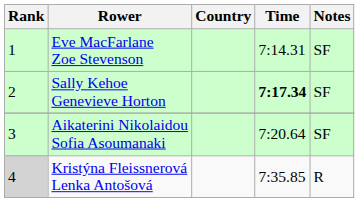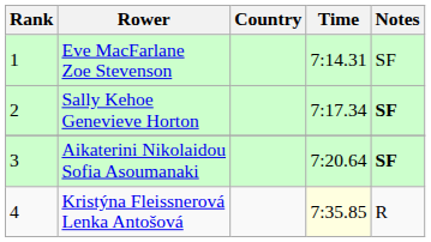 <table class="wikitable">
 <tr>
 <th>Rank</th>
 <th>Rower</th>
 <th>Country</th>
 <th>Time</th>
 <th>Notes</th>
 </tr>
 <tr bgcolor=ccffcc>
 <td>1</td>
 <td><a href='#'>Eve MacFarlane</a><br><a href='#'>Zoe Stevenson</a></td>
 <td></td>
 <td>7:14.31</td>
 <td>SF</td>
 </tr>
 <tr bgcolor=ccffcc>
 <td>2</td>
 <td><a href='#'>Sally Kehoe</a><br><a href='#'>Genevieve Horton</a></td>
 <td></td>
-<td><strong>7:17.34</strong></td>
-<td>SF</td>
+<td>7:17.34</td>
+<td><strong>SF</strong></td>
 </tr>
 <tr>
 </tr>
 <tr bgcolor=ccffcc>
 <td>3</td>
 <td><a href='#'>Aikaterini Nikolaidou</a><br><a href='#'>Sofia Asoumanaki</a></td>
 <td></td>
 <td>7:20.64</td>
-<td>SF</td>
+<td><strong>SF</strong></td>
 </tr>
 <tr>
-<td style="background: lightgrey;">4</td>
+<td>4</td>
 <td><a href='#'>Kristýna Fleissnerová</a><br><a href='#'>Lenka Antošová</a></td>
 <td></td>
-<td>7:35.85</td>
+<td style="background: lightyellow;">7:35.85</td>
 <td>R</td>
 </tr>
 </table>
